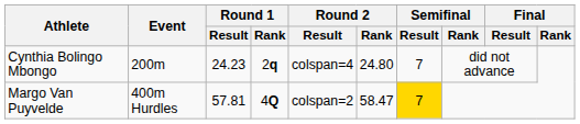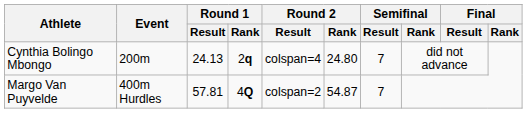 <table class="wikitable" style="font-size:90%">
 <tr>
 <th rowspan="2">Athlete</th>
 <th rowspan="2">Event</th>
 <th colspan="2">Round 1</th>
 <th colspan="2">Round 2</th>
 <th colspan="2">Semifinal</th>
 <th colspan="2">Final</th>
 </tr>
 <tr style="font-size:95%">
 <th>Result</th>
 <th>Rank</th>
 <th>Result</th>
 <th>Rank</th>
 <th>Result</th>
 <th>Rank</th>
 <th>Result</th>
 <th>Rank</th>
 </tr>
 <tr align=center>
 <td align=left>Cynthia Bolingo Mbongo</td>
 <td align=left>200m</td>
-<td>24.23</td>
+<td>24.13</td>
 <td>2<strong>q</strong></td>
 <td>colspan=4 </td>
 <td>24.80</td>
 <td>7</td>
 <td colspan=2>did not advance</td>
 </tr>
 <tr align=center>
 <td align=left>Margo Van Puyvelde</td>
 <td align=left>400m Hurdles</td>
 <td>57.81</td>
 <td>4<strong>Q</strong></td>
 <td>colspan=2 </td>
-<td>58.47</td>
-<td style="background: gold;">7</td>
+<td>54.87</td>
+<td>7</td>
 </tr>
 </table>
